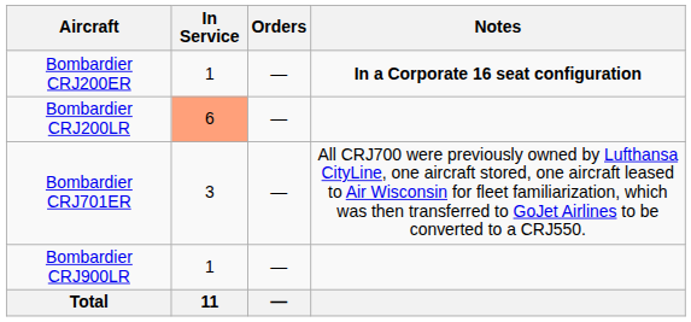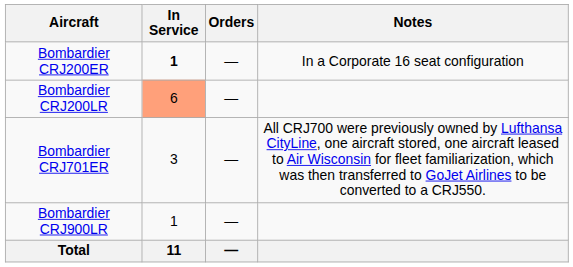 <table class="wikitable" style="margin:auto;text-align:center;margin:auto;">
 <tr>
 <th style="width:150px;">Aircraft</th>
 <th style="width:65px;">In Service</th>
 <th style="width:40px;">Orders</th>
 <th style="width:350px;">Notes</th>
 </tr>
 <tr>
 <td><a href='#'>Bombardier CRJ200ER</a></td>
-<td>1</td>
+<td><strong>1</strong></td>
 <td>—</td>
-<td><strong>In a Corporate 16 seat configuration</strong></td>
+<td>In a Corporate 16 seat configuration</td>
 </tr>
 <tr>
 <td><a href='#'>Bombardier CRJ200LR</a></td>
 <td style="background: lightsalmon;">6</td>
 <td>—</td>
 <td></td>
 </tr>
 <tr>
 <td><a href='#'>Bombardier CRJ701ER</a></td>
 <td>3</td>
 <td>—</td>
 <td>All CRJ700 were previously owned by <a href='#'>Lufthansa CityLine</a>, one aircraft stored, one aircraft leased to <a href='#'>Air Wisconsin</a> for fleet familiarization, which was then transferred to <a href='#'>GoJet Airlines</a> to be converted to a CRJ550.</td>
 </tr>
 <tr>
 <td><a href='#'>Bombardier CRJ900LR</a></td>
 <td>1</td>
 <td>—</td>
 <td></td>
 </tr>
 <tr>
 <th>Total</th>
 <th>11</th>
 <th>—</th>
 <th colspan=9></th>
 </tr>
 </table>
